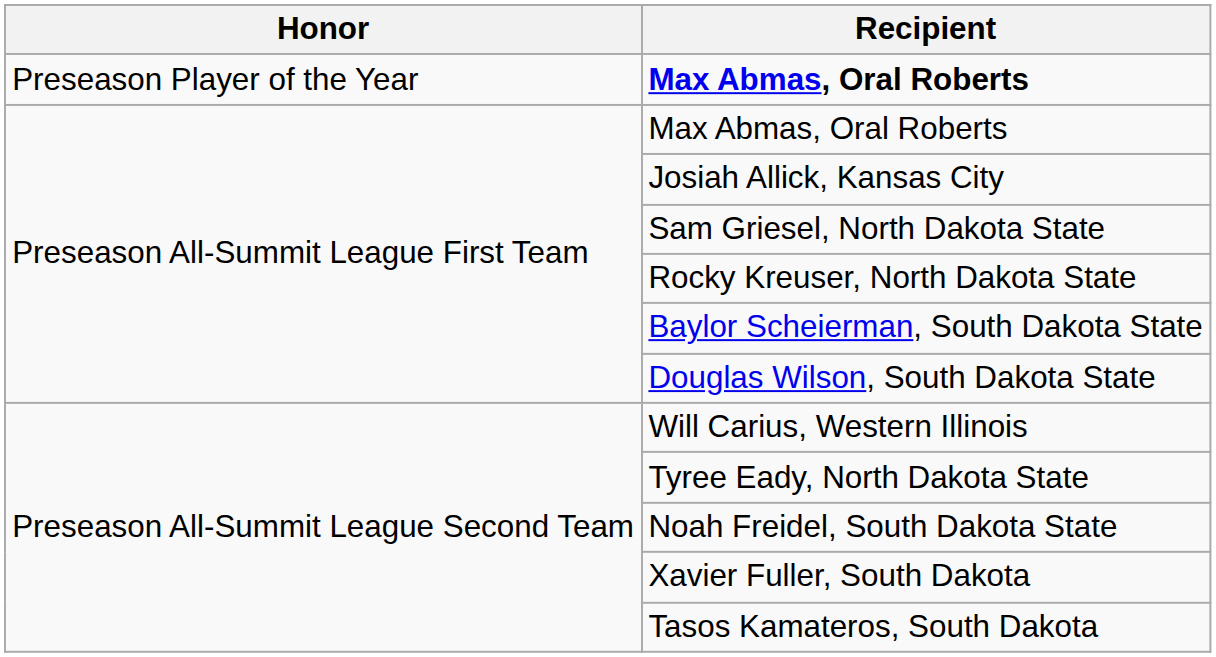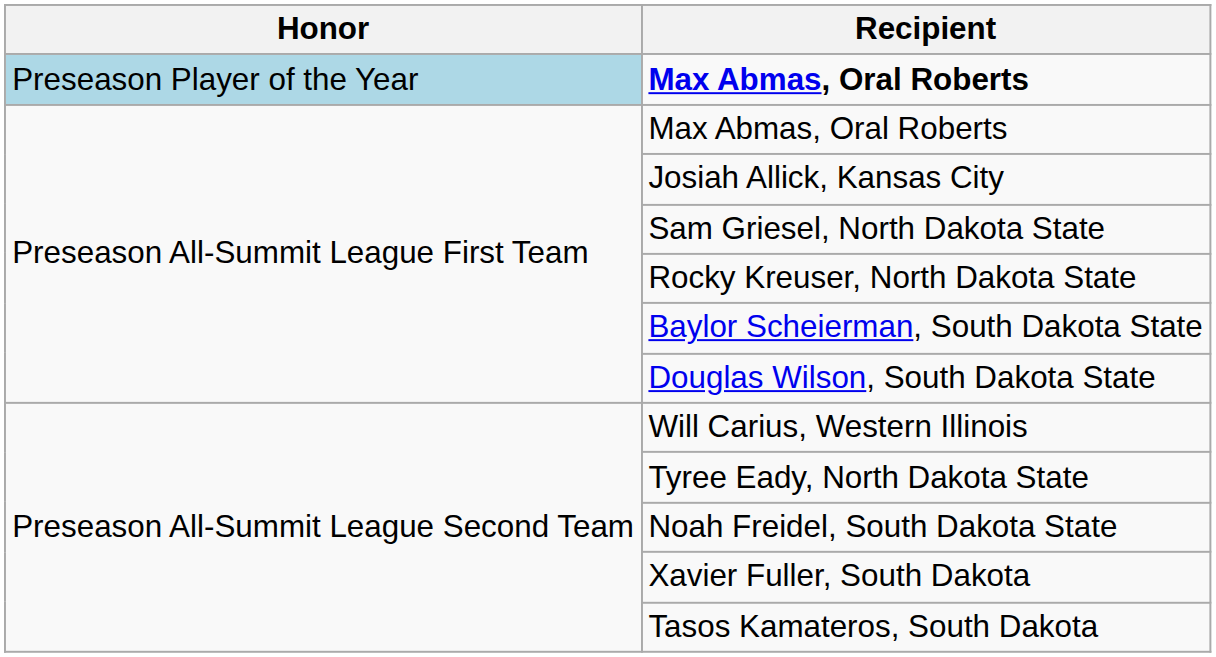 <table class="wikitable" border="1">
 <tr>
 <th>Honor</th>
 <th>Recipient</th>
 </tr>
 <tr>
-<td>Preseason Player of the Year</td>
+<td style="background: lightblue;">Preseason Player of the Year</td>
 <td><strong><a href='#'>Max Abmas</a>, Oral Roberts</strong></td>
 </tr>
 <tr>
 <td rowspan="6" valign="middle">Preseason All-Summit League First Team</td>
 <td>Max Abmas, Oral Roberts</td>
 </tr>
 <tr>
 <td>Josiah Allick, Kansas City</td>
 </tr>
 <tr>
 <td>Sam Griesel, North Dakota State</td>
 </tr>
 <tr>
 <td>Rocky Kreuser, North Dakota State</td>
 </tr>
 <tr>
 <td><a href='#'>Baylor Scheierman</a>, South Dakota State</td>
 </tr>
 <tr>
 <td><a href='#'>Douglas Wilson</a>, South Dakota State</td>
 </tr>
 <tr>
 <td rowspan="5">Preseason All-Summit League Second Team</td>
 <td>Will Carius, Western Illinois</td>
 </tr>
 <tr>
 <td>Tyree Eady, North Dakota State</td>
 </tr>
 <tr>
 <td>Noah Freidel, South Dakota State</td>
 </tr>
 <tr>
 <td>Xavier Fuller, South Dakota</td>
 </tr>
 <tr>
 <td>Tasos Kamateros, South Dakota</td>
 </tr>
 </table>
